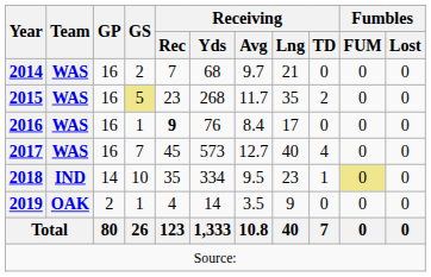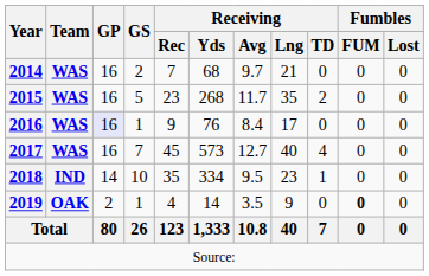 <table class="wikitable" style="text-align: center;">
 <tr>
 <th rowspan="2">Year</th>
 <th rowspan="2">Team</th>
 <th rowspan="2">GP</th>
 <th rowspan="2">GS</th>
 <th colspan="5">Receiving</th>
 <th colspan="2">Fumbles</th>
 </tr>
 <tr>
 <th>Rec</th>
 <th>Yds</th>
 <th>Avg</th>
 <th>Lng</th>
 <th>TD</th>
 <th>FUM</th>
 <th>Lost</th>
 </tr>
 <tr>
 <th><a href='#'>2014</a></th>
 <th><a href='#'>WAS</a></th>
 <td>16</td>
 <td>2</td>
 <td>7</td>
 <td>68</td>
 <td>9.7</td>
 <td>21</td>
 <td>0</td>
 <td>0</td>
 <td>0</td>
 </tr>
 <tr>
 <th><a href='#'>2015</a></th>
 <th><a href='#'>WAS</a></th>
 <td>16</td>
-<td style="background: khaki;">5</td>
+<td>5</td>
 <td>23</td>
 <td>268</td>
 <td>11.7</td>
 <td>35</td>
 <td>2</td>
 <td>0</td>
 <td>0</td>
 </tr>
 <tr>
 <th><a href='#'>2016</a></th>
 <th><a href='#'>WAS</a></th>
-<td>16</td>
+<td style="background: lavender;">16</td>
 <td>1</td>
-<td><strong>9</strong></td>
+<td>9</td>
 <td>76</td>
 <td>8.4</td>
 <td>17</td>
 <td>0</td>
 <td>0</td>
 <td>0</td>
 </tr>
 <tr>
 <th><a href='#'>2017</a></th>
 <th><a href='#'>WAS</a></th>
 <td>16</td>
 <td>7</td>
 <td>45</td>
 <td>573</td>
 <td>12.7</td>
 <td>40</td>
 <td>4</td>
 <td>0</td>
 <td>0</td>
 </tr>
 <tr>
 <th><a href='#'>2018</a></th>
 <th><a href='#'>IND</a></th>
 <td>14</td>
 <td>10</td>
 <td>35</td>
 <td>334</td>
 <td>9.5</td>
 <td>23</td>
 <td>1</td>
-<td style="background: khaki;">0</td>
+<td>0</td>
 <td>0</td>
 </tr>
 <tr>
 <th><a href='#'>2019</a></th>
 <th><a href='#'>OAK</a></th>
 <td>2</td>
 <td>1</td>
 <td>4</td>
 <td>14</td>
 <td>3.5</td>
 <td>9</td>
 <td>0</td>
-<td>0</td>
+<td><strong>0</strong></td>
 <td>0</td>
 </tr>
 <tr>
 <th colspan="2">Total</th>
 <th>80</th>
 <th>26</th>
 <th>123</th>
 <th>1,333</th>
 <th>10.8</th>
 <th>40</th>
 <th>7</th>
 <th>0</th>
 <th>0</th>
 </tr>
 <tr>
 <td colspan="11"><small>Source: </small></td>
 </tr>
 </table>
